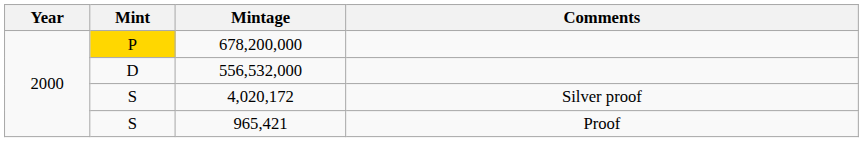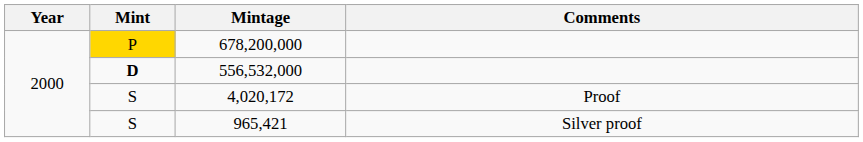 <table class="wikitable sortable" style="min-width:65%; text-align:center;">
 <tr>
 <th width="10%">Year</th>
 <th width="10%">Mint</th>
 <th width="20%">Mintage</th>
 <th width="60%">Comments</th>
 </tr>
 <tr>
 <td rowspan="4">2000</td>
 <td style="background: gold;">P</td>
 <td>678,200,000</td>
 <td></td>
 </tr>
 <tr>
-<td>D</td>
+<td><strong>D</strong></td>
 <td>556,532,000</td>
 <td></td>
 </tr>
 <tr>
 <td>S</td>
 <td>4,020,172</td>
-<td>Silver proof</td>
+<td>Proof</td>
 </tr>
 <tr>
 <td>S</td>
 <td>965,421</td>
-<td>Proof</td>
+<td>Silver proof</td>
 </tr>
 </table>
